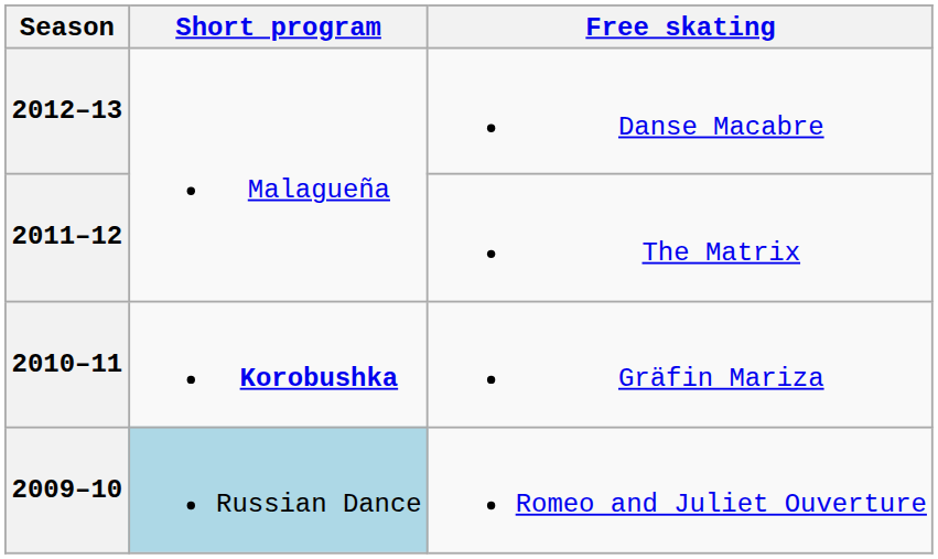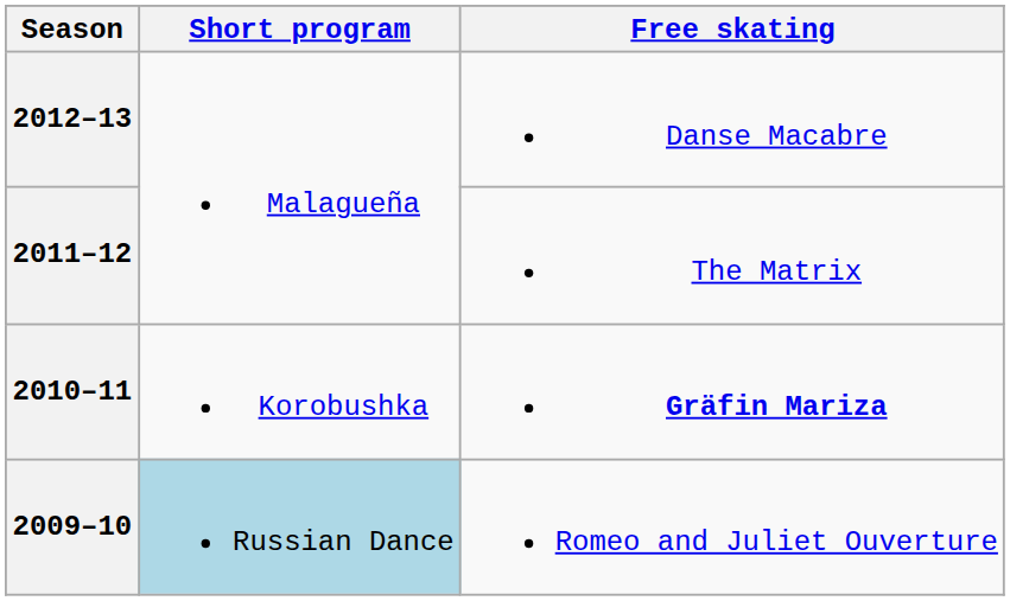 <table class="wikitable" style="text-align:center">
 <tr>
 <th>Season</th>
 <th><a href='#'>Short program</a></th>
 <th><a href='#'>Free skating</a></th>
 </tr>
 <tr>
 <th>2012–13</th>
 <td rowspan=2><br><ul><li><a href='#'>Malagueña</a> <br></li></ul></td>
 <td><br><ul><li><a href='#'>Danse Macabre</a> <br></li></ul></td>
 </tr>
 <tr>
 <th>2011–12<br></th>
 <td><br><ul><li><a href='#'>The Matrix</a> <br></li></ul></td>
 </tr>
 <tr>
 <th>2010–11<br></th>
-<td><strong><br><ul><li><a href='#'>Korobushka</a> <br></li></ul></strong></td>
-<td><br><ul><li><a href='#'>Gräfin Mariza</a> <br></li></ul></td>
+<td><br><ul><li><a href='#'>Korobushka</a> <br></li></ul></td>
+<td><strong><br><ul><li><a href='#'>Gräfin Mariza</a> <br></li></ul></strong></td>
 </tr>
 <tr>
 <th>2009–10<br></th>
 <td style="background: lightblue;"><br><ul><li>Russian Dance</li></ul></td>
 <td><br><ul><li><a href='#'>Romeo and Juliet Ouverture</a> <br></li></ul></td>
 </tr>
 </table>
